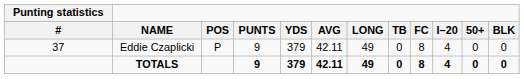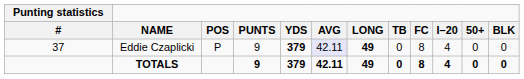 <table style="width:60%; text-align:center;" class="wikitable collapsible collapsed">
 <tr>
 <th style="text-align:center; ">Punting statistics</th>
 </tr>
 <tr>
 <th>#</th>
 <th>NAME</th>
 <th>POS</th>
 <th>PUNTS</th>
 <th>YDS</th>
 <th>AVG</th>
 <th>LONG</th>
 <th>TB</th>
 <th>FC</th>
 <th>I–20</th>
 <th>50+</th>
 <th>BLK</th>
 </tr>
 <tr>
 <td>37</td>
 <td>Eddie Czaplicki</td>
 <td>P</td>
 <td>9</td>
-<td>379</td>
-<td>42.11</td>
-<td>49</td>
+<td><strong>379</strong></td>
+<td style="background: lavender;">42.11</td>
+<td><strong>49</strong></td>
 <td>0</td>
 <td>8</td>
 <td>4</td>
 <td>0</td>
 <td>0</td>
 </tr>
 <tr>
 <td></td>
 <td><strong>TOTALS</strong></td>
 <td></td>
 <td><strong>9</strong></td>
 <td><strong>379</strong></td>
 <td><strong>42.11</strong></td>
 <td><strong>49</strong></td>
 <td><strong>0</strong></td>
 <td><strong>8</strong></td>
 <td><strong>4</strong></td>
 <td><strong>0</strong></td>
 <td><strong>0</strong></td>
 </tr>
 </table>
